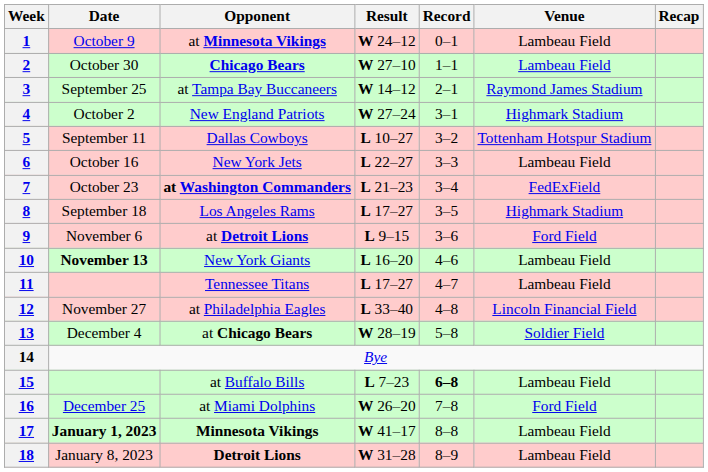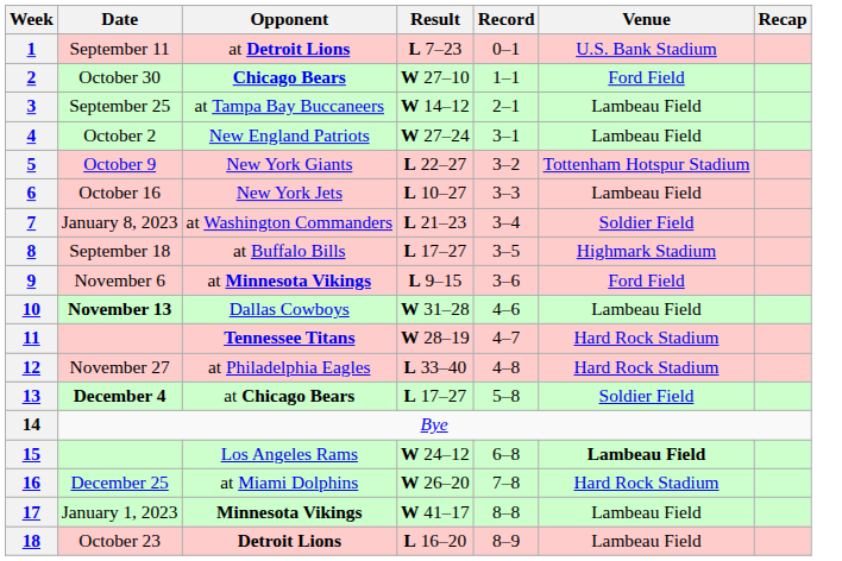 <table class="wikitable" style="text-align:center">
 <tr>
 <th>Week</th>
 <th>Date</th>
 <th>Opponent</th>
 <th>Result</th>
 <th>Record</th>
 <th>Venue</th>
 <th>Recap</th>
 </tr>
 <tr style="background:#fcc">
 <th><a href='#'>1</a></th>
-<td><a href='#'>October 9</a></td>
-<td>at <strong><a href='#'>Minnesota Vikings</a></strong></td>
-<td><strong>W</strong> 24–12</td>
+<td>September 11</td>
+<td>at <strong><a href='#'>Detroit Lions</a></strong></td>
+<td><strong>L</strong> 7–23</td>
 <td>0–1</td>
-<td>Lambeau Field</td>
+<td><a href='#'>U.S. Bank Stadium</a></td>
 <td></td>
 </tr>
 <tr style="background:#cfc">
 <th><a href='#'>2</a></th>
 <td>October 30</td>
 <td><strong><a href='#'>Chicago Bears</a></strong></td>
 <td><strong>W</strong> 27–10</td>
 <td>1–1</td>
-<td><a href='#'>Lambeau Field</a></td>
+<td><a href='#'>Ford Field</a></td>
 <td></td>
 </tr>
 <tr style="background:#cfc">
 <th><a href='#'>3</a></th>
 <td>September 25</td>
 <td>at <a href='#'>Tampa Bay Buccaneers</a></td>
 <td><strong>W</strong> 14–12</td>
 <td>2–1</td>
-<td><a href='#'>Raymond James Stadium</a></td>
+<td>Lambeau Field</td>
 <td></td>
 </tr>
 <tr style="background:#cfc">
 <th><a href='#'>4</a></th>
 <td>October 2</td>
 <td><a href='#'>New England Patriots</a></td>
 <td><strong>W</strong> 27–24 </td>
 <td>3–1</td>
-<td><a href='#'>Highmark Stadium</a></td>
+<td>Lambeau Field</td>
 <td></td>
 </tr>
 <tr style="background:#fcc">
 <th><a href='#'>5</a></th>
-<td>September 11</td>
-<td><a href='#'>Dallas Cowboys</a></td>
-<td><strong>L</strong> 10–27</td>
+<td><a href='#'>October 9</a></td>
+<td><a href='#'>New York Giants</a></td>
+<td><strong>L</strong> 22–27</td>
 <td>3–2</td>
 <td> <a href='#'>Tottenham Hotspur Stadium</a> </td>
 <td></td>
 </tr>
 <tr style="background:#fcc">
 <th><a href='#'>6</a></th>
 <td>October 16</td>
 <td><a href='#'>New York Jets</a></td>
-<td><strong>L</strong> 22–27</td>
+<td><strong>L</strong> 10–27</td>
 <td>3–3</td>
 <td>Lambeau Field</td>
 <td></td>
 </tr>
 <tr style="background:#fcc">
 <th><a href='#'>7</a></th>
-<td>October 23</td>
-<td><strong>at <a href='#'>Washington Commanders</a></strong></td>
+<td>January 8, 2023</td>
+<td>at <a href='#'>Washington Commanders</a></td>
 <td><strong>L</strong> 21–23</td>
 <td>3–4</td>
-<td><a href='#'>FedExField</a></td>
+<td><a href='#'>Soldier Field</a></td>
 <td></td>
 </tr>
 <tr style="background:#fcc">
 <th><a href='#'>8</a></th>
 <td>September 18</td>
-<td><a href='#'>Los Angeles Rams</a></td>
+<td>at <a href='#'>Buffalo Bills</a></td>
 <td><strong>L</strong> 17–27</td>
 <td>3–5</td>
 <td><a href='#'>Highmark Stadium</a></td>
 <td></td>
 </tr>
 <tr style="background:#fcc">
 <th><a href='#'>9</a></th>
 <td>November 6</td>
-<td>at <strong><a href='#'>Detroit Lions</a></strong></td>
+<td>at <strong><a href='#'>Minnesota Vikings</a></strong></td>
 <td><strong>L</strong> 9–15</td>
 <td>3–6</td>
 <td><a href='#'>Ford Field</a></td>
 <td></td>
 </tr>
 <tr style="background:#cfc">
 <th><a href='#'>10</a></th>
 <td><strong>November 13</strong></td>
-<td><a href='#'>New York Giants</a></td>
-<td><strong>L</strong> 16–20</td>
+<td><a href='#'>Dallas Cowboys</a></td>
+<td><strong>W</strong> 31–28 </td>
 <td>4–6</td>
 <td>Lambeau Field</td>
 <td></td>
 </tr>
 <tr style="background:#fcc">
 <th><a href='#'>11</a></th>
 <td></td>
-<td><a href='#'>Tennessee Titans</a></td>
-<td><strong>L</strong> 17–27</td>
+<td><strong><a href='#'>Tennessee Titans</a></strong></td>
+<td><strong>W</strong> 28–19</td>
 <td>4–7</td>
-<td>Lambeau Field</td>
+<td><a href='#'>Hard Rock Stadium</a></td>
 <td></td>
 </tr>
 <tr style="background:#fcc">
 <th><a href='#'>12</a></th>
 <td>November 27</td>
 <td>at <a href='#'>Philadelphia Eagles</a></td>
 <td><strong>L</strong> 33–40</td>
 <td>4–8</td>
-<td><a href='#'>Lincoln Financial Field</a></td>
+<td><a href='#'>Hard Rock Stadium</a></td>
 <td></td>
 </tr>
 <tr style="background:#cfc">
 <th><a href='#'>13</a></th>
-<td>December 4</td>
+<td><strong>December 4</strong></td>
 <td>at <strong>Chicago Bears</strong></td>
-<td><strong>W</strong> 28–19</td>
+<td><strong>L</strong> 17–27</td>
 <td>5–8</td>
 <td><a href='#'>Soldier Field</a></td>
 <td></td>
 </tr>
 <tr>
 <th>14</th>
 <td colspan="6"><em><a href='#'>Bye</a></em></td>
 </tr>
 <tr style="background:#cfc">
 <th><a href='#'>15</a></th>
 <td></td>
-<td>at <a href='#'>Buffalo Bills</a></td>
-<td><strong>L</strong> 7–23</td>
-<td><strong>6–8</strong></td>
-<td>Lambeau Field</td>
+<td><a href='#'>Los Angeles Rams</a></td>
+<td><strong>W</strong> 24–12</td>
+<td>6–8</td>
+<td><strong>Lambeau Field</strong></td>
 <td></td>
 </tr>
 <tr style="background:#cfc">
 <th><a href='#'>16</a></th>
 <td><a href='#'>December 25</a></td>
 <td>at <a href='#'>Miami Dolphins</a></td>
 <td><strong>W</strong> 26–20</td>
 <td>7–8</td>
-<td><a href='#'>Ford Field</a></td>
+<td><a href='#'>Hard Rock Stadium</a></td>
 <td></td>
 </tr>
 <tr style="background:#cfc">
 <th><a href='#'>17</a></th>
-<td><strong>January 1, 2023</strong></td>
+<td>January 1, 2023</td>
 <td><strong>Minnesota Vikings</strong></td>
 <td><strong>W</strong> 41–17</td>
 <td>8–8</td>
 <td>Lambeau Field</td>
 <td></td>
 </tr>
 <tr style="background:#fcc">
 <th><a href='#'>18</a></th>
-<td>January 8, 2023</td>
+<td>October 23</td>
 <td><strong>Detroit Lions</strong></td>
-<td><strong>W</strong> 31–28 </td>
+<td><strong>L</strong> 16–20</td>
 <td>8–9</td>
 <td>Lambeau Field</td>
 <td></td>
 </tr>
 </table>
